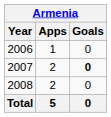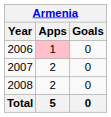 <table class="wikitable" style="text-align:center">
 <tr>
 <th colspan=3><a href='#'>Armenia</a></th>
 </tr>
 <tr>
 <th>Year</th>
 <th>Apps</th>
 <th>Goals</th>
 </tr>
 <tr>
 <td>2006</td>
-<td>1</td>
+<td style="background: pink;">1</td>
 <td>0</td>
 </tr>
 <tr>
 <td>2007</td>
 <td>2</td>
-<td><strong>0</strong></td>
+<td>0</td>
 </tr>
 <tr>
 <td>2008</td>
 <td>2</td>
 <td>0</td>
 </tr>
 <tr>
 <th>Total</th>
 <th>5</th>
 <th>0</th>
 </tr>
 </table>
